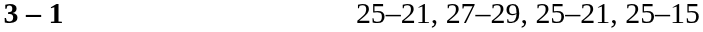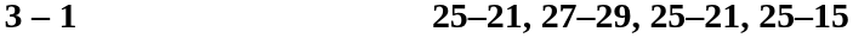 <table width=100% cellspacing=1>
 <tr>
 <th width=20%></th>
 <th width=12%></th>
 <th width=20%></th>
 <th width=33%></th>
 <td></td>
 </tr>
 <tr style=font-size:95%>
 <td align=right><strong></strong></td>
 <td align=center><strong>3 – 1</strong></td>
 <td></td>
-<td>25–21, 27–29, 25–21, 25–15</td>
+<td><strong>25–21, 27–29, 25–21, 25–15</strong></td>
 </tr>
 </table>
